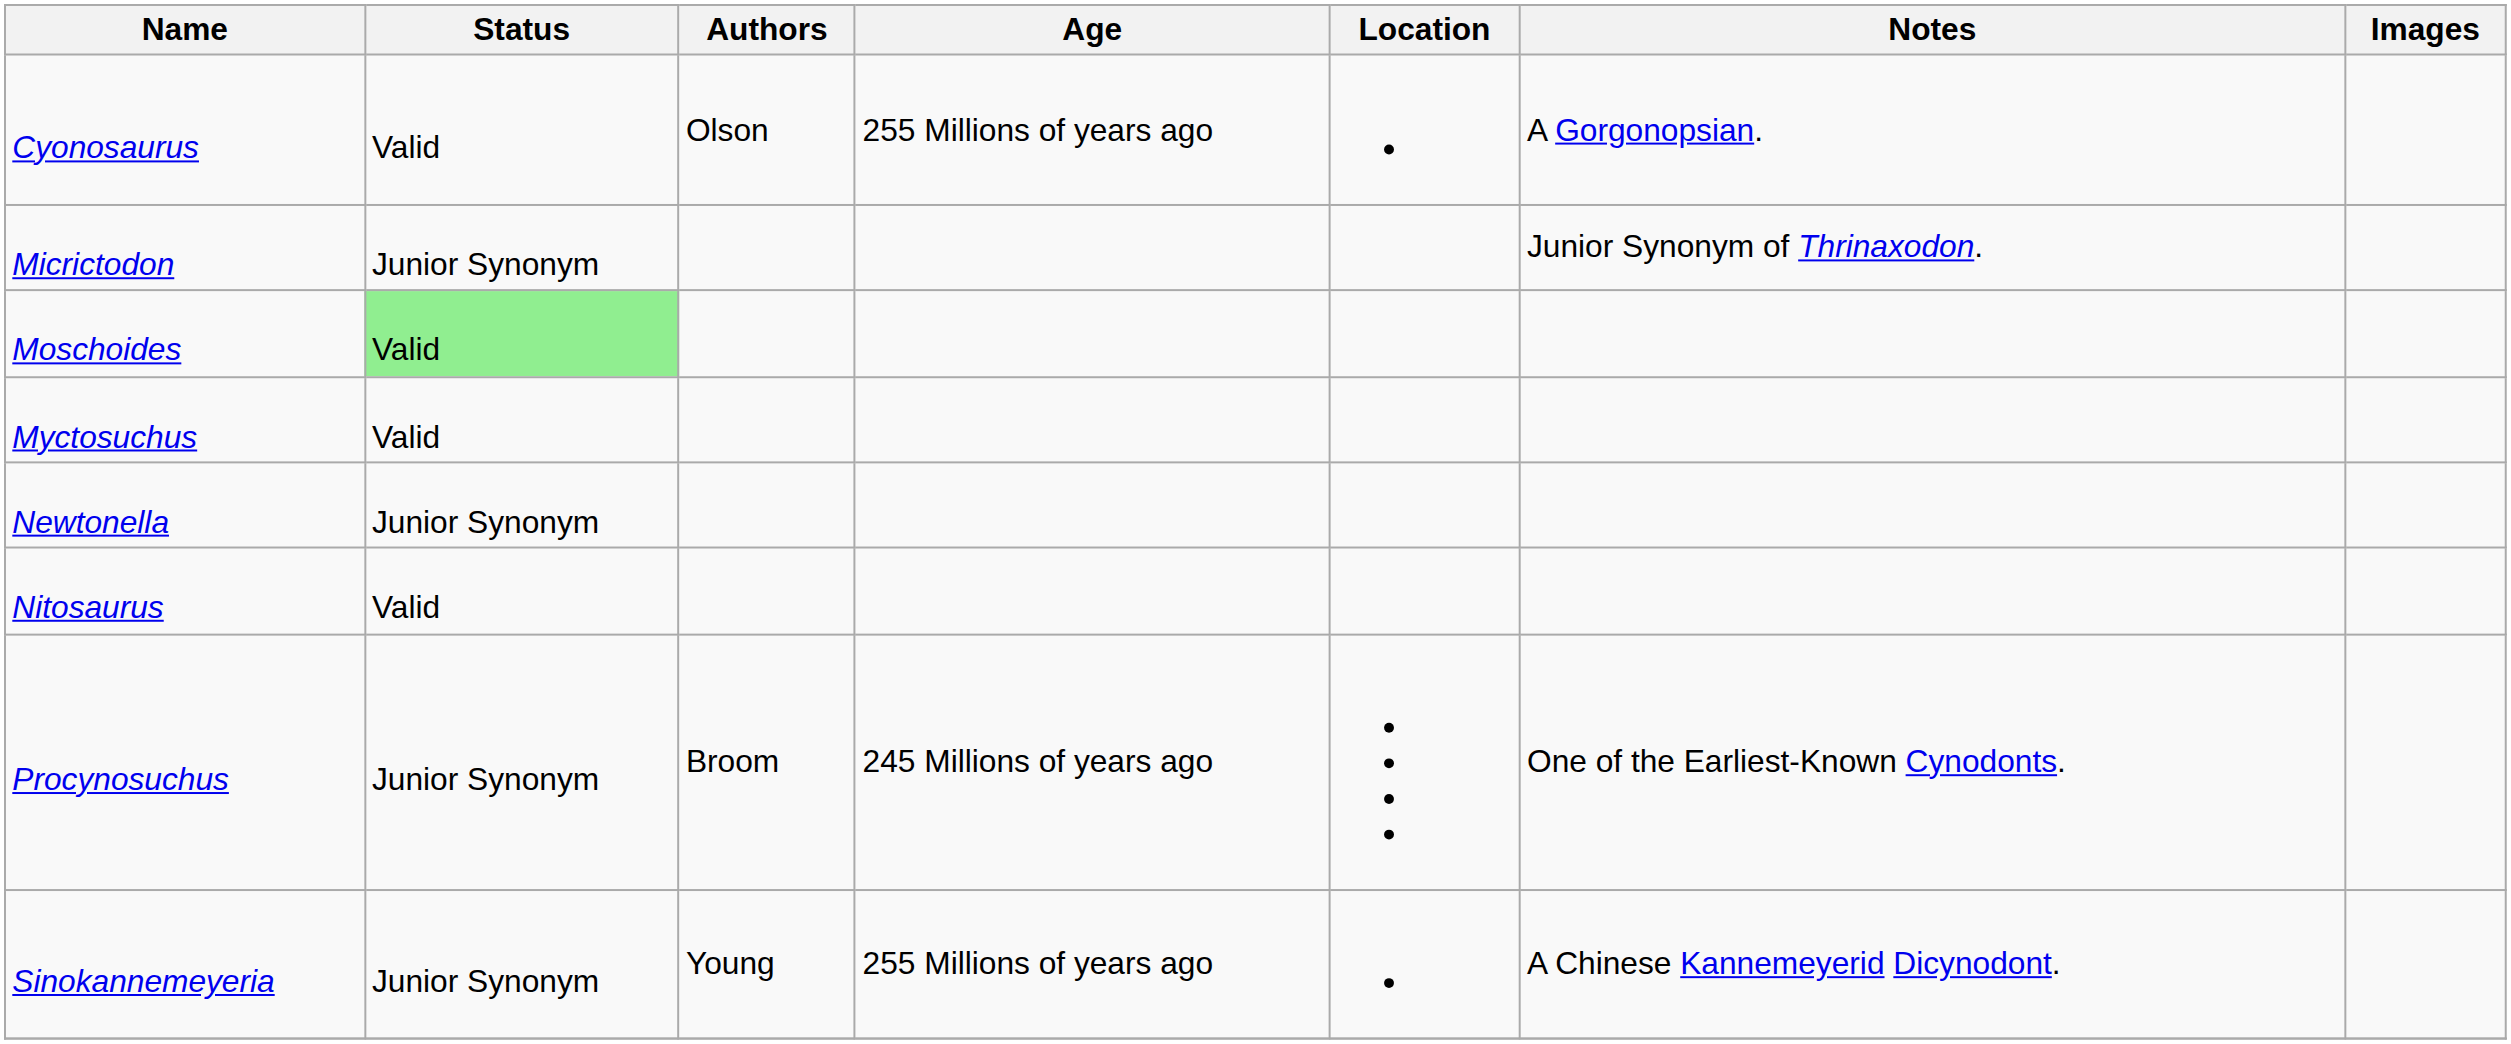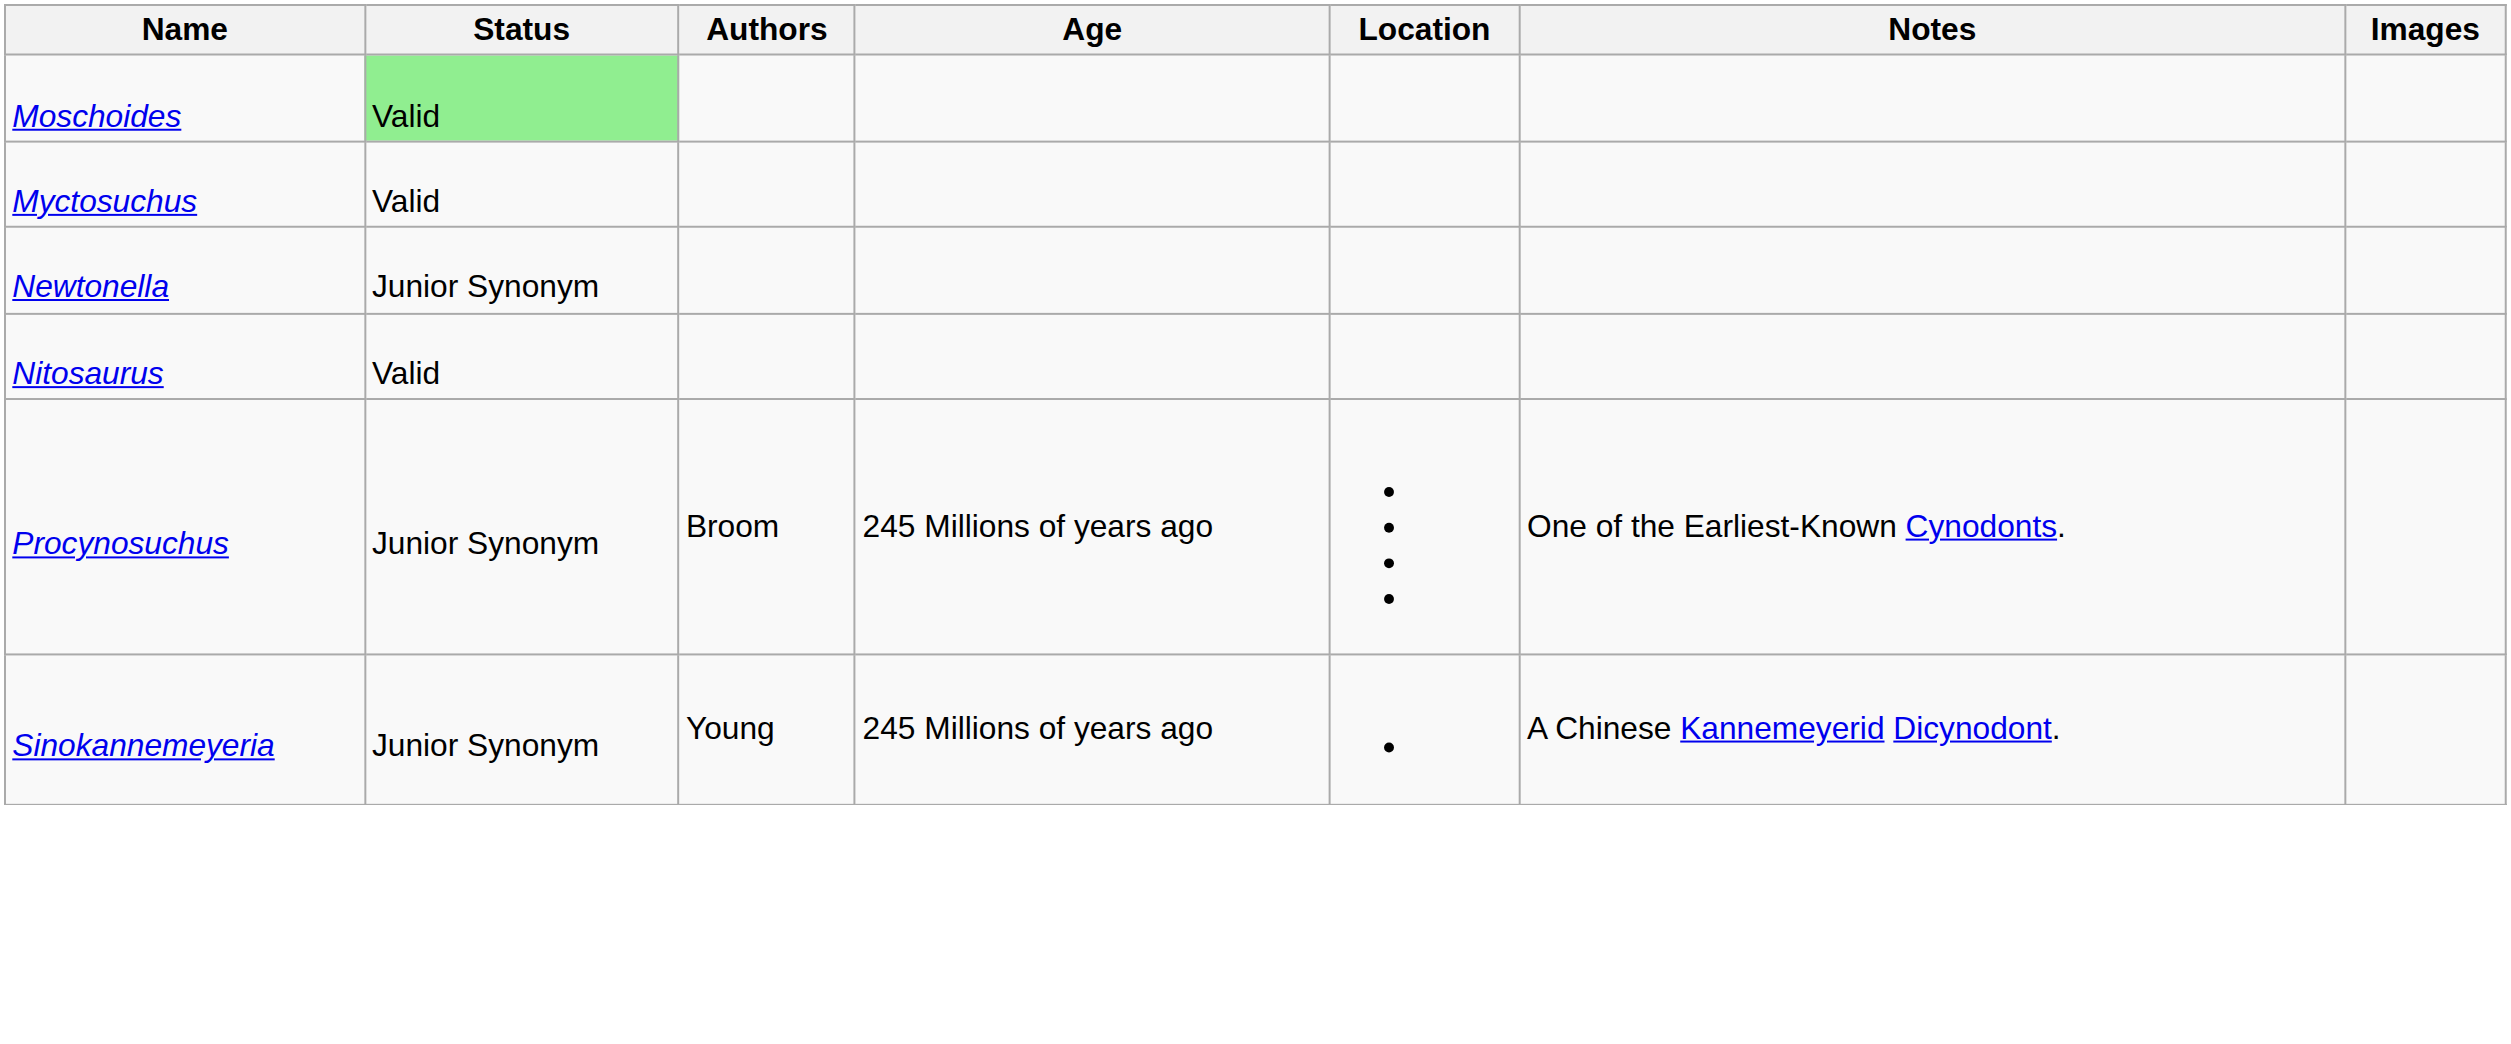 <table class="wikitable sortable" align="center" width="100%">
 <tr>
 <th>Name</th>
 <th>Status</th>
 <th>Authors</th>
 <th>Age</th>
 <th>Location</th>
 <th width="33%" class="unsortable">Notes</th>
 <th>Images<br> </th>
-</tr>
-<tr>
-<td><br><em><a href='#'>Cyonosaurus</a></em></td>
-<td><br>Valid</td>
-<td>Olson</td>
-<td>255 Millions of years ago</td>
-<td><br><ul><li></li></ul></td>
-<td>A <a href='#'>Gorgonopsian</a>.</td>
-<td></td>
-</tr>
-<tr>
-<td><br><em><a href='#'>Micrictodon</a></em></td>
-<td><br>Junior Synonym</td>
-<td></td>
-<td></td>
-<td></td>
-<td>Junior Synonym of <em><a href='#'>Thrinaxodon</a></em>.</td>
-<td></td>
 </tr>
 <tr>
 <td><br><em><a href='#'>Moschoides</a></em></td>
 <td style="background: lightgreen;"><br>Valid</td>
 <td></td>
 <td></td>
 <td></td>
 <td></td>
 <td></td>
 </tr>
 <tr>
 <td><br><em><a href='#'>Myctosuchus</a></em></td>
 <td><br>Valid</td>
 <td></td>
 <td></td>
 <td></td>
 <td></td>
 <td></td>
 </tr>
 <tr>
 <td><br><em><a href='#'>Newtonella</a></em></td>
 <td><br>Junior Synonym</td>
 <td></td>
 <td></td>
 <td></td>
 <td></td>
 <td></td>
 </tr>
 <tr>
 <td><br><em><a href='#'>Nitosaurus</a></em></td>
 <td><br>Valid</td>
 <td></td>
 <td></td>
 <td></td>
 <td></td>
 <td></td>
 </tr>
 <tr>
 <td><br><em><a href='#'>Procynosuchus</a></em></td>
 <td><br>Junior Synonym</td>
 <td>Broom</td>
 <td>245 Millions of years ago</td>
 <td><br><ul><li></li><li></li><li></li><li></li></ul></td>
 <td>One of the Earliest-Known <a href='#'>Cynodonts</a>.</td>
 <td></td>
 </tr>
 <tr>
 <td><br><em><a href='#'>Sinokannemeyeria</a></em></td>
 <td><br>Junior Synonym</td>
 <td>Young</td>
-<td>255 Millions of years ago</td>
+<td>245 Millions of years ago</td>
 <td><br><ul><li></li></ul></td>
 <td>A Chinese <a href='#'>Kannemeyerid</a> <a href='#'>Dicynodont</a>.</td>
 <td></td>
 </tr>
 <tr>
 </tr>
 </table>
